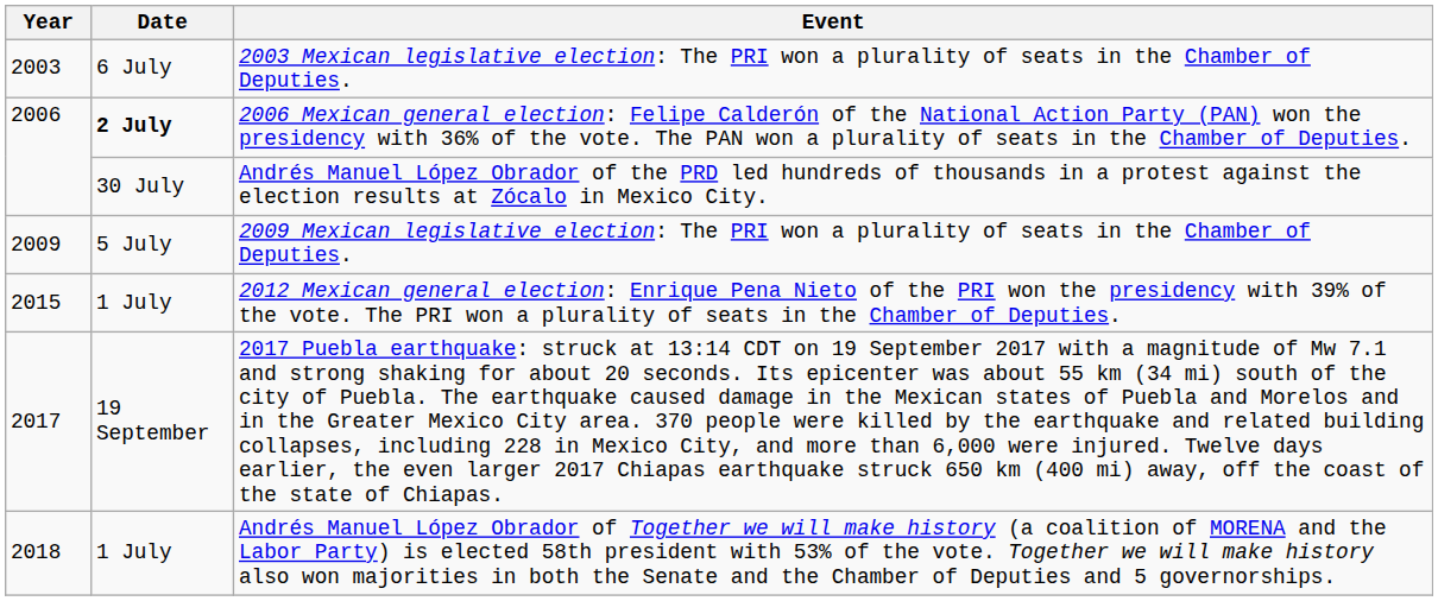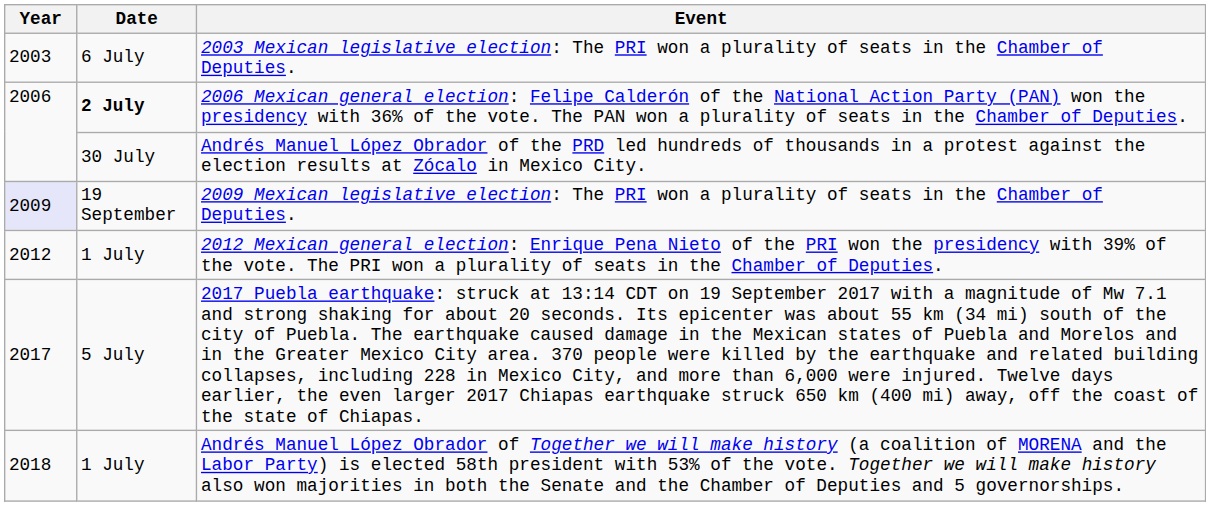 <table class="wikitable" width="100%">
 <tr>
 <th style="width:6%">Year</th>
 <th style="width:10%">Date</th>
 <th>Event</th>
 </tr>
 <tr>
 <td>2003</td>
 <td>6 July</td>
 <td><em><a href='#'>2003 Mexican legislative election</a></em>: The <a href='#'>PRI</a> won a plurality of seats in the <a href='#'>Chamber of Deputies</a>.</td>
 </tr>
 <tr>
 <td rowspan="2" valign="top">2006</td>
 <td><strong>2 July</strong></td>
 <td><em><a href='#'>2006 Mexican general election</a></em>: <a href='#'>Felipe Calderón</a> of the <a href='#'>National Action Party (PAN)</a> won the <a href='#'>presidency</a> with 36% of the vote.  The PAN won a plurality of seats in the <a href='#'>Chamber of Deputies</a>.</td>
 </tr>
 <tr>
 <td>30 July</td>
 <td><a href='#'>Andrés Manuel López Obrador</a> of the <a href='#'>PRD</a> led hundreds of thousands in a protest against the election results at <a href='#'>Zócalo</a> in Mexico City.</td>
 </tr>
 <tr>
-<td>2009</td>
-<td>5 July</td>
+<td style="background: lavender;">2009</td>
+<td>19 September</td>
 <td><em><a href='#'>2009 Mexican legislative election</a></em>: The <a href='#'>PRI</a> won a plurality of seats in the <a href='#'>Chamber of Deputies</a>.</td>
 </tr>
 <tr>
-<td>2015</td>
+<td>2012</td>
 <td>1 July</td>
 <td><em><a href='#'>2012 Mexican general election</a></em>: <a href='#'>Enrique Pena Nieto</a> of the <a href='#'>PRI</a> won the <a href='#'>presidency</a> with 39% of the vote.  The PRI won a plurality of seats in the <a href='#'>Chamber of Deputies</a>.</td>
 </tr>
 <tr>
 <td>2017</td>
-<td>19 September</td>
+<td>5 July</td>
 <td><a href='#'>2017 Puebla earthquake</a>: struck at 13:14 CDT on 19 September 2017 with a magnitude of Mw 7.1 and strong shaking for about 20 seconds. Its epicenter was about 55 km (34 mi) south of the city of Puebla. The earthquake caused damage in the Mexican states of Puebla and Morelos and in the Greater Mexico City area. 370 people were killed by the earthquake and related building collapses, including 228 in Mexico City, and more than 6,000 were injured. Twelve days earlier, the even larger 2017 Chiapas earthquake struck 650 km (400 mi) away, off the coast of the state of Chiapas.</td>
 </tr>
 <tr>
 <td>2018</td>
 <td>1 July</td>
 <td><a href='#'>Andrés Manuel López Obrador</a> of <em><a href='#'>Together we will make history</a></em> (a coalition of <a href='#'>MORENA</a> and the <a href='#'>Labor Party</a>) is elected 58th president with 53% of the vote. <em>Together we will make history</em> also won majorities in both the Senate and the Chamber of Deputies and 5 governorships.</td>
 </tr>
 </table>
